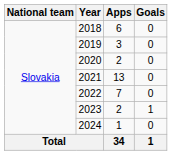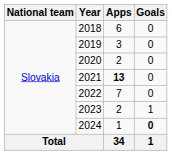 <table class=wikitable style=text-align:center>
 <tr>
 <th>National team</th>
 <th>Year</th>
 <th>Apps</th>
 <th>Goals</th>
 </tr>
 <tr>
 <td rowspan=7><a href='#'>Slovakia</a></td>
 <td>2018</td>
 <td>6</td>
 <td>0</td>
 </tr>
 <tr>
 <td>2019</td>
 <td>3</td>
 <td>0</td>
 </tr>
 <tr>
 <td>2020</td>
 <td>2</td>
 <td>0</td>
 </tr>
 <tr>
 <td>2021</td>
-<td>13</td>
+<td><strong>13</strong></td>
 <td>0</td>
 </tr>
 <tr>
 <td>2022</td>
 <td>7</td>
 <td>0</td>
 </tr>
 <tr>
 <td>2023</td>
 <td>2</td>
 <td>1</td>
 </tr>
 <tr>
 <td>2024</td>
 <td>1</td>
-<td>0</td>
+<td><strong>0</strong></td>
 </tr>
 <tr>
 <th colspan=2>Total</th>
 <th>34</th>
 <th>1</th>
 </tr>
 </table>
